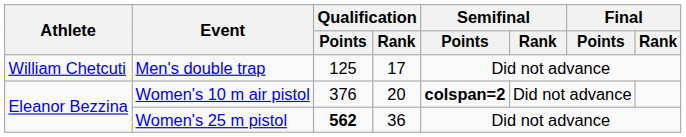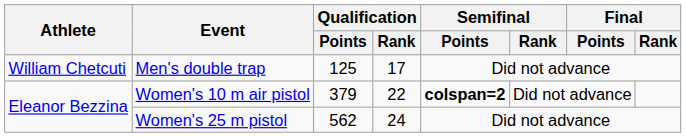 <table class="wikitable" style="font-size:90%">
 <tr>
 <th rowspan="2">Athlete</th>
 <th rowspan="2">Event</th>
 <th colspan=2>Qualification</th>
 <th colspan=2>Semifinal</th>
 <th colspan=2>Final</th>
 </tr>
 <tr style="font-size:95%">
 <th>Points</th>
 <th>Rank</th>
 <th>Points</th>
 <th>Rank</th>
 <th>Points</th>
 <th>Rank</th>
 </tr>
 <tr align=center>
 <td align=left><a href='#'>William Chetcuti</a></td>
 <td align=left><a href='#'>Men's double trap</a></td>
 <td>125</td>
 <td>17</td>
 <td colspan=4>Did not advance</td>
 </tr>
 <tr align=center>
 <td align=left rowspan=2><a href='#'>Eleanor Bezzina</a></td>
 <td align=left><a href='#'>Women's 10 m air pistol</a></td>
-<td>376</td>
-<td>20</td>
+<td>379</td>
+<td>22</td>
 <td><strong>colspan=2 </strong></td>
 <td colspan=2>Did not advance</td>
 </tr>
 <tr align=center>
 <td align=left><a href='#'>Women's 25 m pistol</a></td>
-<td><strong>562</strong></td>
-<td>36</td>
+<td>562</td>
+<td>24</td>
 <td colspan=4>Did not advance</td>
 </tr>
 </table>
